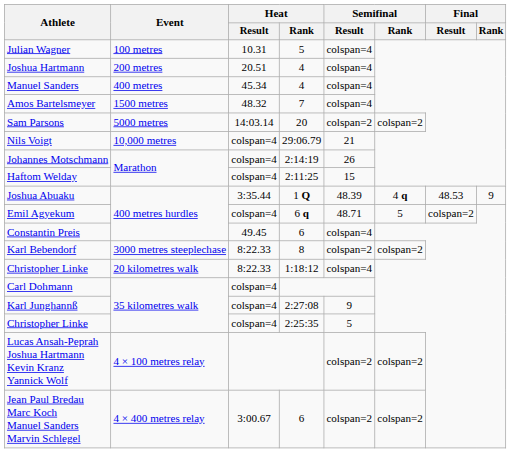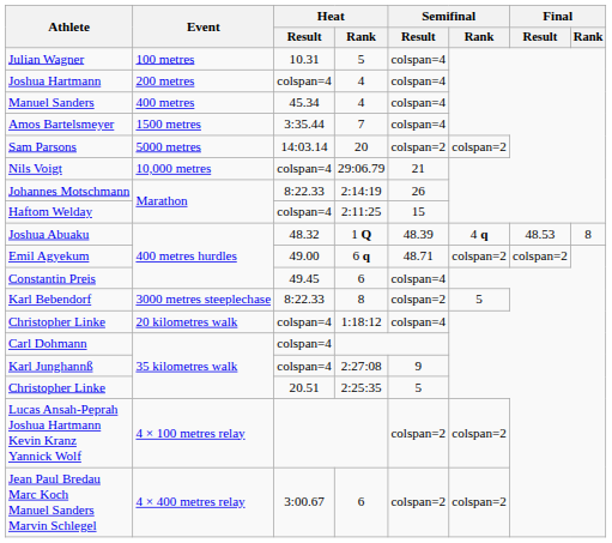 <table class="wikitable" style="font-size:90%">
 <tr>
 <th rowspan="2">Athlete</th>
 <th rowspan="2">Event</th>
 <th colspan="2">Heat</th>
 <th colspan="2">Semifinal</th>
 <th colspan="2">Final</th>
 </tr>
 <tr style="font-size:95%">
 <th>Result</th>
 <th>Rank</th>
 <th>Result</th>
 <th>Rank</th>
 <th>Result</th>
 <th>Rank</th>
 </tr>
 <tr align=center>
 <td align=left><a href='#'>Julian Wagner</a></td>
 <td align=left><a href='#'>100 metres</a></td>
 <td>10.31</td>
 <td>5</td>
 <td>colspan=4 </td>
 </tr>
 <tr align=center>
 <td align=left><a href='#'>Joshua Hartmann</a></td>
 <td align=left><a href='#'>200 metres</a></td>
-<td>20.51</td>
+<td>colspan=4</td>
 <td>4</td>
 <td>colspan=4 </td>
 </tr>
 <tr align=center>
 <td align=left><a href='#'>Manuel Sanders</a></td>
 <td align=left><a href='#'>400 metres</a></td>
 <td>45.34</td>
 <td>4</td>
 <td>colspan=4 </td>
 </tr>
 <tr align=center>
 <td align=left><a href='#'>Amos Bartelsmeyer</a></td>
 <td align=left><a href='#'>1500 metres</a></td>
-<td>48.32 </td>
+<td>3:35.44</td>
 <td>7</td>
 <td>colspan=4 </td>
 </tr>
 <tr align=center>
 <td align=left><a href='#'>Sam Parsons</a></td>
 <td align=left><a href='#'>5000 metres</a></td>
 <td>14:03.14</td>
 <td>20</td>
 <td>colspan=2</td>
 <td>colspan=2</td>
 </tr>
 <tr align=center>
 <td align=left><a href='#'>Nils Voigt</a></td>
 <td align=left><a href='#'>10,000 metres</a></td>
 <td>colspan=4</td>
 <td>29:06.79</td>
 <td>21</td>
 </tr>
 <tr align=center>
 <td align=left><a href='#'>Johannes Motschmann</a></td>
 <td align=left rowspan=2><a href='#'>Marathon</a></td>
-<td>colspan=4</td>
+<td>8:22.33</td>
 <td>2:14:19</td>
 <td>26</td>
 </tr>
 <tr align=center>
 <td align=left><a href='#'>Haftom Welday</a></td>
 <td>colspan=4</td>
 <td>2:11:25</td>
 <td>15</td>
 </tr>
 <tr align=center>
 <td align=left><a href='#'>Joshua Abuaku</a></td>
 <td align=left rowspan=3><a href='#'>400 metres hurdles</a></td>
-<td>3:35.44</td>
+<td>48.32 </td>
 <td>1 <strong>Q</strong></td>
 <td>48.39</td>
 <td>4 <strong>q</strong></td>
 <td>48.53</td>
-<td>9</td>
+<td>8</td>
 </tr>
 <tr align=center>
 <td align=left><a href='#'>Emil Agyekum</a></td>
-<td>colspan=4</td>
+<td>49.00</td>
 <td>6 <strong>q</strong></td>
 <td>48.71 </td>
-<td>5</td>
+<td>colspan=2 </td>
 <td>colspan=2 </td>
 </tr>
 <tr align=center>
 <td align=left><a href='#'>Constantin Preis</a></td>
 <td>49.45</td>
 <td>6</td>
 <td>colspan=4 </td>
 </tr>
 <tr align=center>
 <td align=left><a href='#'>Karl Bebendorf</a></td>
 <td align=left><a href='#'>3000 metres steeplechase</a></td>
 <td>8:22.33</td>
 <td>8</td>
 <td>colspan=2</td>
-<td>colspan=2 </td>
+<td>5</td>
 </tr>
 <tr align=center>
 <td align=left><a href='#'>Christopher Linke</a></td>
 <td align=left><a href='#'>20 kilometres walk</a></td>
-<td>8:22.33</td>
+<td>colspan=4</td>
 <td>1:18:12 <strong></strong></td>
 <td>colspan=4 </td>
 </tr>
 <tr align=center>
 <td align=left><a href='#'>Carl Dohmann</a></td>
 <td align=left rowspan=3><a href='#'>35 kilometres walk</a></td>
 <td>colspan=4</td>
 <td colspan=2></td>
 </tr>
 <tr align=center>
 <td align=left><a href='#'>Karl Junghannß</a></td>
 <td>colspan=4</td>
 <td>2:27:08 </td>
 <td>9</td>
 </tr>
 <tr align=center>
 <td align=left><a href='#'>Christopher Linke</a></td>
-<td>colspan=4</td>
+<td>20.51</td>
 <td>2:25:35 <strong></strong></td>
 <td>5</td>
 </tr>
 <tr align=center>
 <td align=left><a href='#'>Lucas Ansah-Peprah</a><br><a href='#'>Joshua Hartmann</a><br><a href='#'>Kevin Kranz</a><br><a href='#'>Yannick Wolf</a></td>
 <td align=left><a href='#'>4 × 100 metres relay</a></td>
 <td colspan=2></td>
 <td>colspan=2</td>
 <td>colspan=2 </td>
 </tr>
 <tr align=center>
 <td align=left><a href='#'>Jean Paul Bredau</a><br><a href='#'>Marc Koch</a><br><a href='#'>Manuel Sanders</a><br><a href='#'>Marvin Schlegel</a></td>
 <td align=left><a href='#'>4 × 400 metres relay</a></td>
 <td>3:00.67 </td>
 <td>6</td>
 <td>colspan=2</td>
 <td>colspan=2 </td>
 </tr>
 </table>
